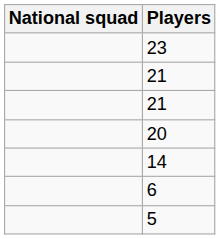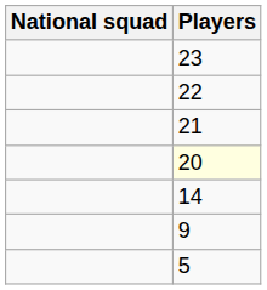 <table class="wikitable sortable">
 <tr>
 <th>National squad</th>
 <th>Players</th>
 </tr>
 <tr>
 <td></td>
 <td>23</td>
 </tr>
 <tr>
 <td></td>
-<td>21</td>
+<td>22</td>
 </tr>
 <tr>
 <td></td>
 <td>21</td>
 </tr>
 <tr>
 <td></td>
-<td>20</td>
+<td style="background: lightyellow;">20</td>
 </tr>
 <tr>
 <td></td>
 <td>14</td>
 </tr>
 <tr>
 <td></td>
-<td>6</td>
+<td>9</td>
 </tr>
 <tr>
 <td></td>
 <td>5</td>
 </tr>
 </table>
